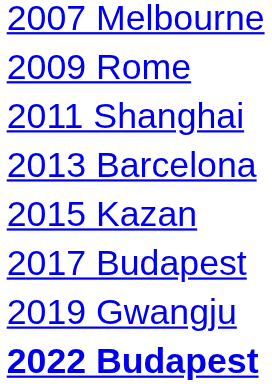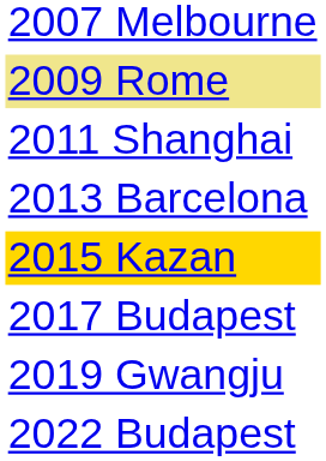 <table>
 <tr>
 <td><a href='#'>2007 Melbourne</a></td>
 <td></td>
 <td></td>
 <td></td>
 </tr>
 <tr>
-<td><a href='#'>2009 Rome</a><br></td>
+<td style="background: khaki;"><a href='#'>2009 Rome</a><br></td>
 <td></td>
 <td></td>
 <td></td>
 </tr>
 <tr>
 <td><a href='#'>2011 Shanghai</a><br></td>
 <td></td>
 <td></td>
 <td></td>
 </tr>
 <tr>
 <td><a href='#'>2013 Barcelona</a><br></td>
 <td></td>
 <td></td>
 <td></td>
 </tr>
 <tr>
-<td><a href='#'>2015 Kazan</a><br></td>
+<td style="background: gold;"><a href='#'>2015 Kazan</a><br></td>
 <td></td>
 <td></td>
 <td></td>
 </tr>
 <tr>
 <td><a href='#'>2017 Budapest</a><br></td>
 <td></td>
 <td></td>
 <td></td>
 </tr>
 <tr>
 <td><a href='#'>2019 Gwangju</a><br></td>
 <td></td>
 <td></td>
 <td></td>
 </tr>
 <tr>
-<td><strong><a href='#'>2022 Budapest</a><br></strong></td>
+<td><a href='#'>2022 Budapest</a><br></td>
 <td></td>
 <td></td>
 <td></td>
 </tr>
 </table>
